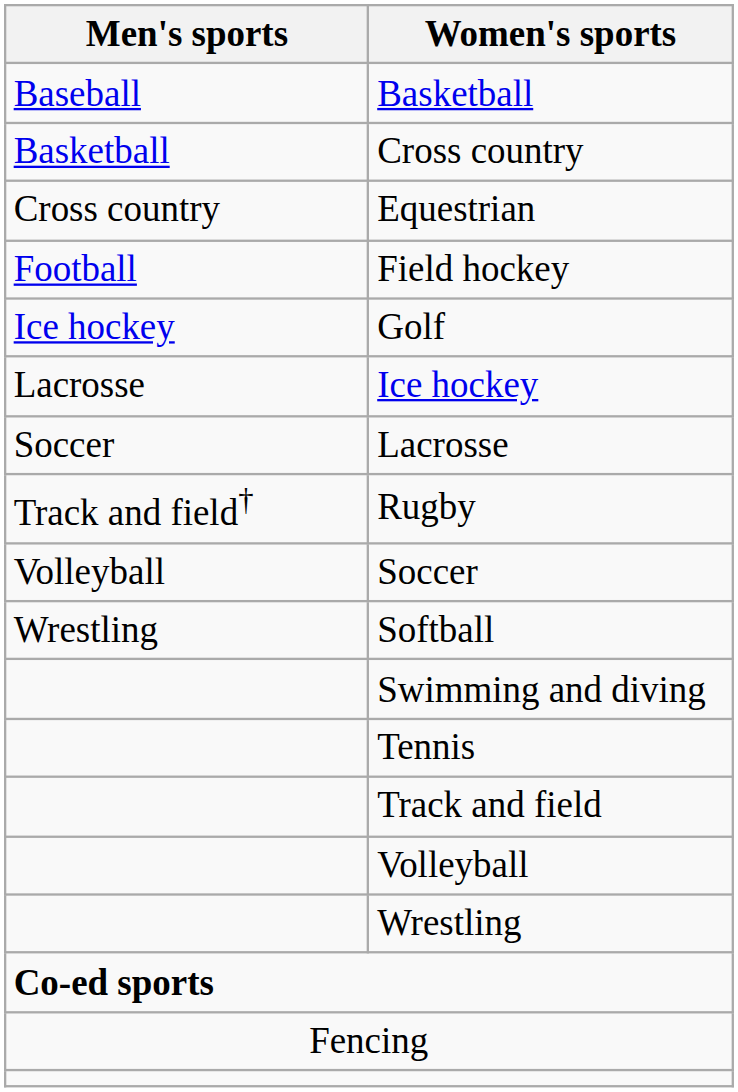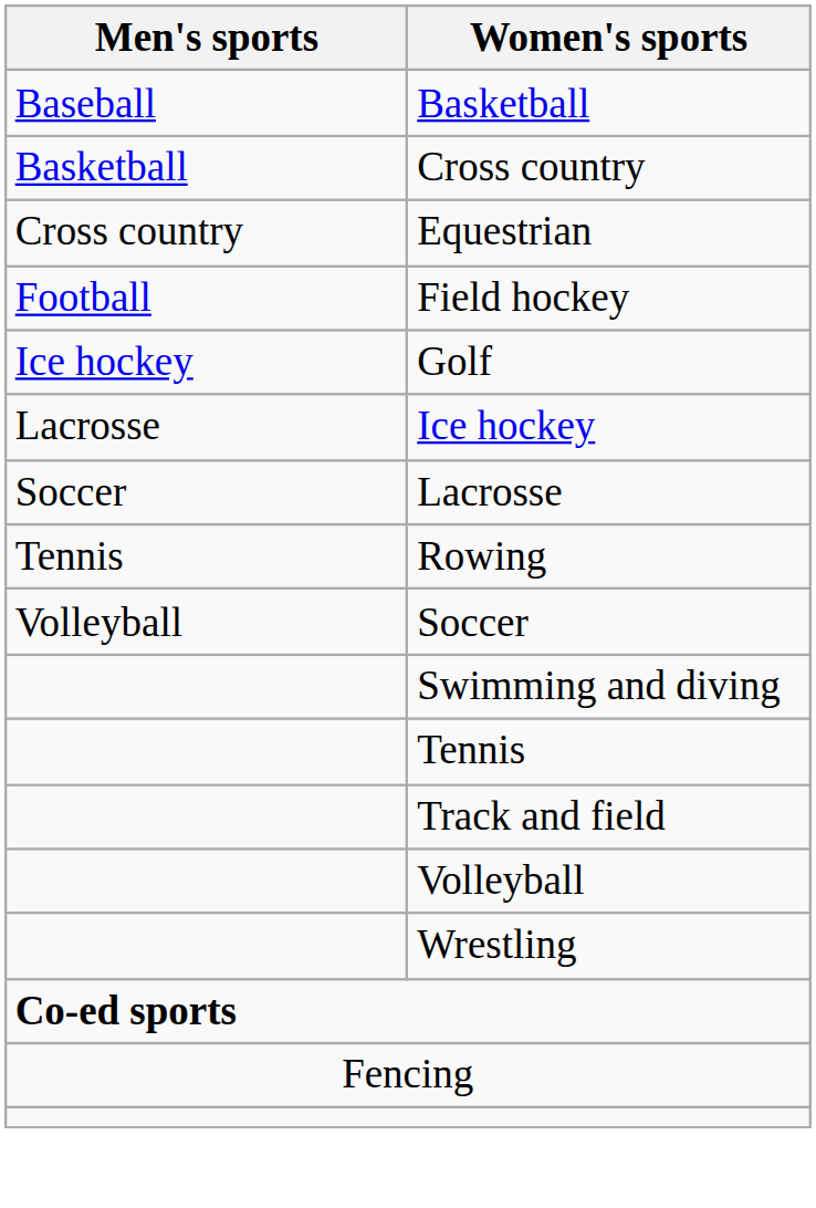 <table class="wikitable">
 <tr>
 <th width=150px>Men's sports</th>
 <th width=150px>Women's sports</th>
 </tr>
 <tr>
 <td><a href='#'>Baseball</a></td>
 <td><a href='#'>Basketball</a></td>
 </tr>
 <tr>
 <td><a href='#'>Basketball</a></td>
 <td>Cross country</td>
 </tr>
 <tr>
 <td>Cross country</td>
 <td>Equestrian</td>
 </tr>
 <tr>
 <td><a href='#'>Football</a></td>
 <td>Field hockey</td>
 </tr>
 <tr>
 <td><a href='#'>Ice hockey</a></td>
 <td>Golf</td>
 </tr>
 <tr>
 <td>Lacrosse</td>
 <td><a href='#'>Ice hockey</a></td>
 </tr>
 <tr>
 <td>Soccer</td>
 <td>Lacrosse</td>
 </tr>
 <tr>
-<td>Track and field<sup>†</sup></td>
-<td>Rugby</td>
+<td>Tennis</td>
+<td>Rowing</td>
 </tr>
 <tr>
 <td>Volleyball</td>
 <td>Soccer</td>
-</tr>
-<tr>
-<td>Wrestling</td>
-<td>Softball</td>
 </tr>
 <tr>
 <td></td>
 <td>Swimming and diving</td>
 </tr>
 <tr>
 <td></td>
 <td>Tennis</td>
 </tr>
 <tr>
 <td></td>
 <td>Track and field</td>
 </tr>
 <tr>
 <td></td>
 <td>Volleyball</td>
 </tr>
 <tr>
 <td></td>
 <td>Wrestling</td>
 </tr>
 <tr>
 <td colspan="2"><strong>Co-ed sports</strong></td>
 </tr>
 <tr style="text-align:center">
 <td colspan="2">Fencing</td>
 </tr>
 <tr>
 <td colspan="2"></td>
 </tr>
 </table>
